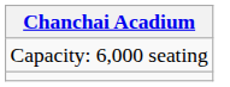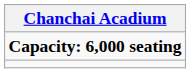 <table class="wikitable" style="text-align:center">
 <tr>
 <th><a href='#'>Chanchai Acadium</a></th>
 </tr>
 <tr>
-<td>Capacity: 6,000 seating</td>
+<td><strong>Capacity: 6,000 seating</strong></td>
 </tr>
 <tr>
 <td></td>
 </tr>
 </table>
